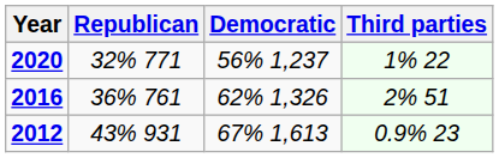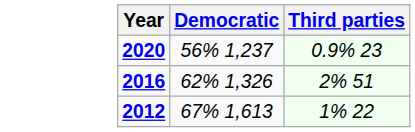 <table class="wikitable" style="float:right; margin: 1em 1em 1em 0; font-size: 95%;">
 <tr>
 <th>Year</th>
-<th><a href='#'>Republican</a></th>
 <th><a href='#'>Democratic</a></th>
 <th><a href='#'>Third parties</a></th>
 </tr>
 <tr>
 <td style="text-align:center; "><strong><a href='#'>2020</a></strong></td>
-<td style="text-align:center; "><em>32%</em> <em>771</em></td>
 <td style="text-align:center; "><em>56%</em> <em>1,237</em></td>
-<td style="text-align:center; background:honeyDew;"><em>1%</em> <em>22</em></td>
+<td style="text-align:center; background:honeyDew;"><em>0.9%</em> <em>23</em></td>
 </tr>
 <tr>
 <td style="text-align:center; "><strong><a href='#'>2016</a></strong></td>
-<td style="text-align:center; "><em>36%</em> <em>761</em></td>
 <td style="text-align:center; "><em>62%</em> <em>1,326</em></td>
 <td style="text-align:center; background:honeyDew;"><em>2%</em> <em>51</em></td>
 </tr>
 <tr>
 <td style="text-align:center; "><strong><a href='#'>2012</a></strong></td>
-<td style="text-align:center; "><em>43%</em> <em>931</em></td>
 <td style="text-align:center; "><em>67%</em> <em>1,613</em></td>
-<td style="text-align:center; background:honeyDew;"><em>0.9%</em> <em>23</em></td>
+<td style="text-align:center; background:honeyDew;"><em>1%</em> <em>22</em></td>
 </tr>
 </table>
